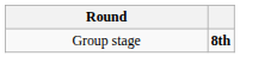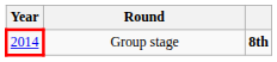 <table class="wikitable" style="text-align: center; font-size:90%">
 <tr>
+<th>Year</th>
 <th style="width:200px">Round</th>
 <th></th>
 </tr>
 <tr>
+<td style="border: 3px solid red"><a href='#'>2014</a></td>
 <td>Group stage</td>
 <td><strong>8th</strong></td>
 </tr>
 </table>
